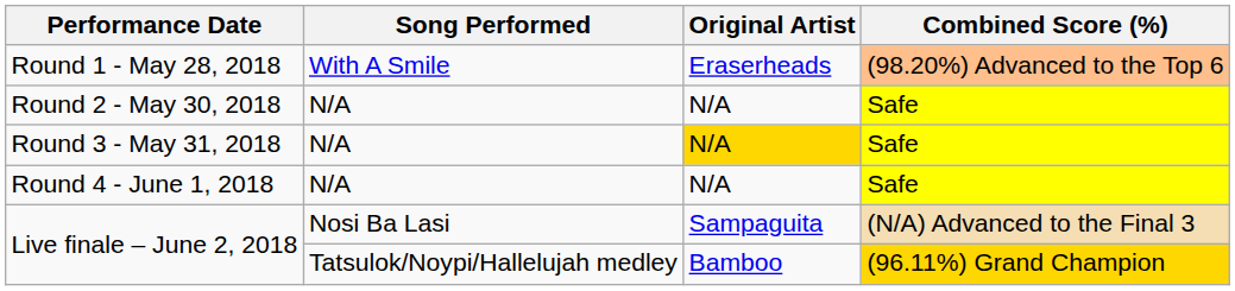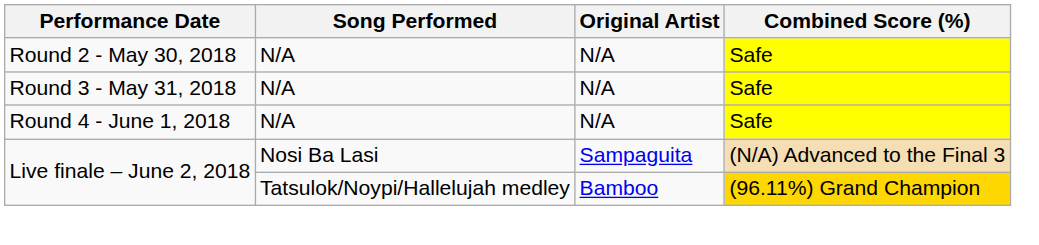 <table class="wikitable">
 <tr>
 <th>Performance Date</th>
 <th>Song Performed</th>
 <th>Original Artist</th>
 <th>Combined Score (%)</th>
-</tr>
-<tr>
-<td>Round 1 - May 28, 2018</td>
-<td><a href='#'>With A Smile</a></td>
-<td><a href='#'>Eraserheads</a></td>
-<td style="background:#FFBF8C;">(98.20%) Advanced to the Top 6</td>
 </tr>
 <tr>
 <td>Round 2 - May 30, 2018</td>
 <td>N/A</td>
 <td>N/A</td>
 <td style="background:yellow;">Safe</td>
 </tr>
 <tr>
 <td>Round 3 - May 31, 2018</td>
 <td>N/A</td>
-<td style="background: gold;">N/A</td>
+<td>N/A</td>
 <td style="background:yellow;">Safe</td>
 </tr>
 <tr>
 <td>Round 4 - June 1, 2018</td>
 <td>N/A</td>
 <td>N/A</td>
 <td style="background:yellow;">Safe</td>
 </tr>
 <tr>
 <td rowspan="2">Live finale – June 2, 2018</td>
 <td>Nosi Ba Lasi</td>
 <td><a href='#'>Sampaguita</a></td>
 <td style="background:#F5DEB3;">(N/A) Advanced to the Final 3</td>
 </tr>
 <tr>
 <td>Tatsulok/Noypi/Hallelujah medley</td>
 <td><a href='#'>Bamboo</a></td>
 <td style="background:gold;">(96.11%) Grand Champion</td>
 </tr>
 </table>
